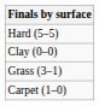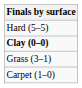 <table class=wikitable style=font-size:90%>
 <tr>
 <th>Finals by surface</th>
 </tr>
 <tr>
 <td>Hard (5–5)</td>
 </tr>
 <tr>
-<td>Clay (0–0)</td>
+<td><strong>Clay (0–0)</strong></td>
 </tr>
 <tr>
 <td>Grass (3–1)</td>
 </tr>
 <tr>
 <td>Carpet (1–0)</td>
 </tr>
 </table>
